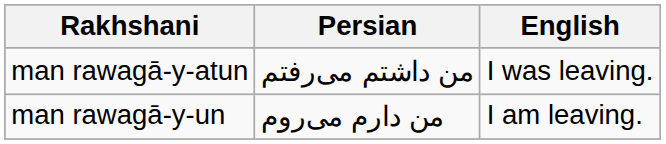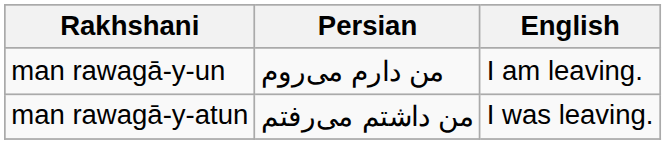 <table class="wikitable">
 <tr>
 <th>Rakhshani</th>
 <th>Persian</th>
 <th>English</th>
 </tr>
 <tr>
+<td>man rawagā-y-un</td>
+<td>من دارم می‌روم</td>
+<td>I am leaving.</td>
+</tr>
+<tr>
 <td>man rawagā-y-atun</td>
 <td>من داشتم می‌رفتم</td>
 <td>I was leaving.</td>
 </tr>
-<tr>
-<td>man rawagā-y-un</td>
-<td>من دارم می‌روم</td>
-<td>I am leaving.</td>
-</tr>
 </table>
